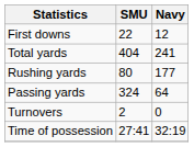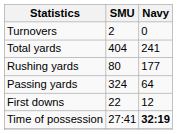 <table class="wikitable">
 <tr>
 <th>Statistics</th>
 <th>SMU</th>
 <th>Navy</th>
 </tr>
 <tr>
-<td>First downs</td>
-<td>22</td>
-<td>12</td>
+<td>Turnovers</td>
+<td>2</td>
+<td>0</td>
 </tr>
 <tr>
 <td>Total yards</td>
 <td>404</td>
 <td>241</td>
 </tr>
 <tr>
 <td>Rushing yards</td>
 <td>80</td>
 <td>177</td>
 </tr>
 <tr>
 <td>Passing yards</td>
 <td>324</td>
 <td>64</td>
 </tr>
 <tr>
-<td>Turnovers</td>
-<td>2</td>
-<td>0</td>
+<td>First downs</td>
+<td>22</td>
+<td>12</td>
 </tr>
 <tr>
 <td>Time of possession</td>
 <td>27:41</td>
-<td>32:19</td>
+<td><strong>32:19</strong></td>
 </tr>
 <tr>
 </tr>
 </table>
